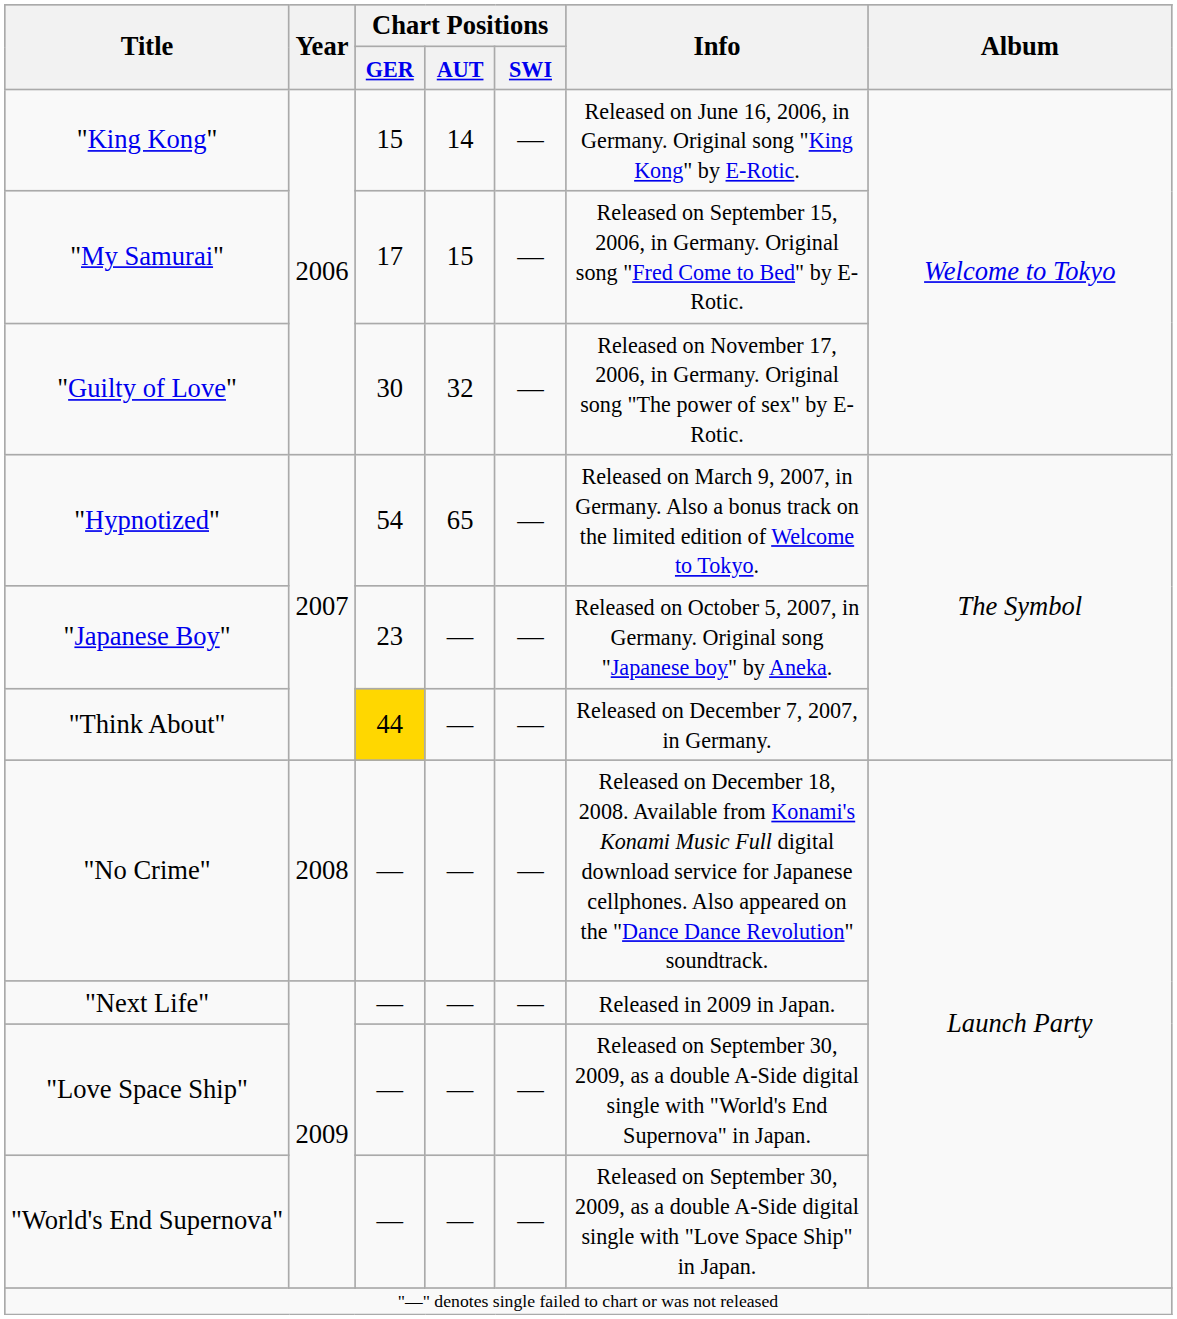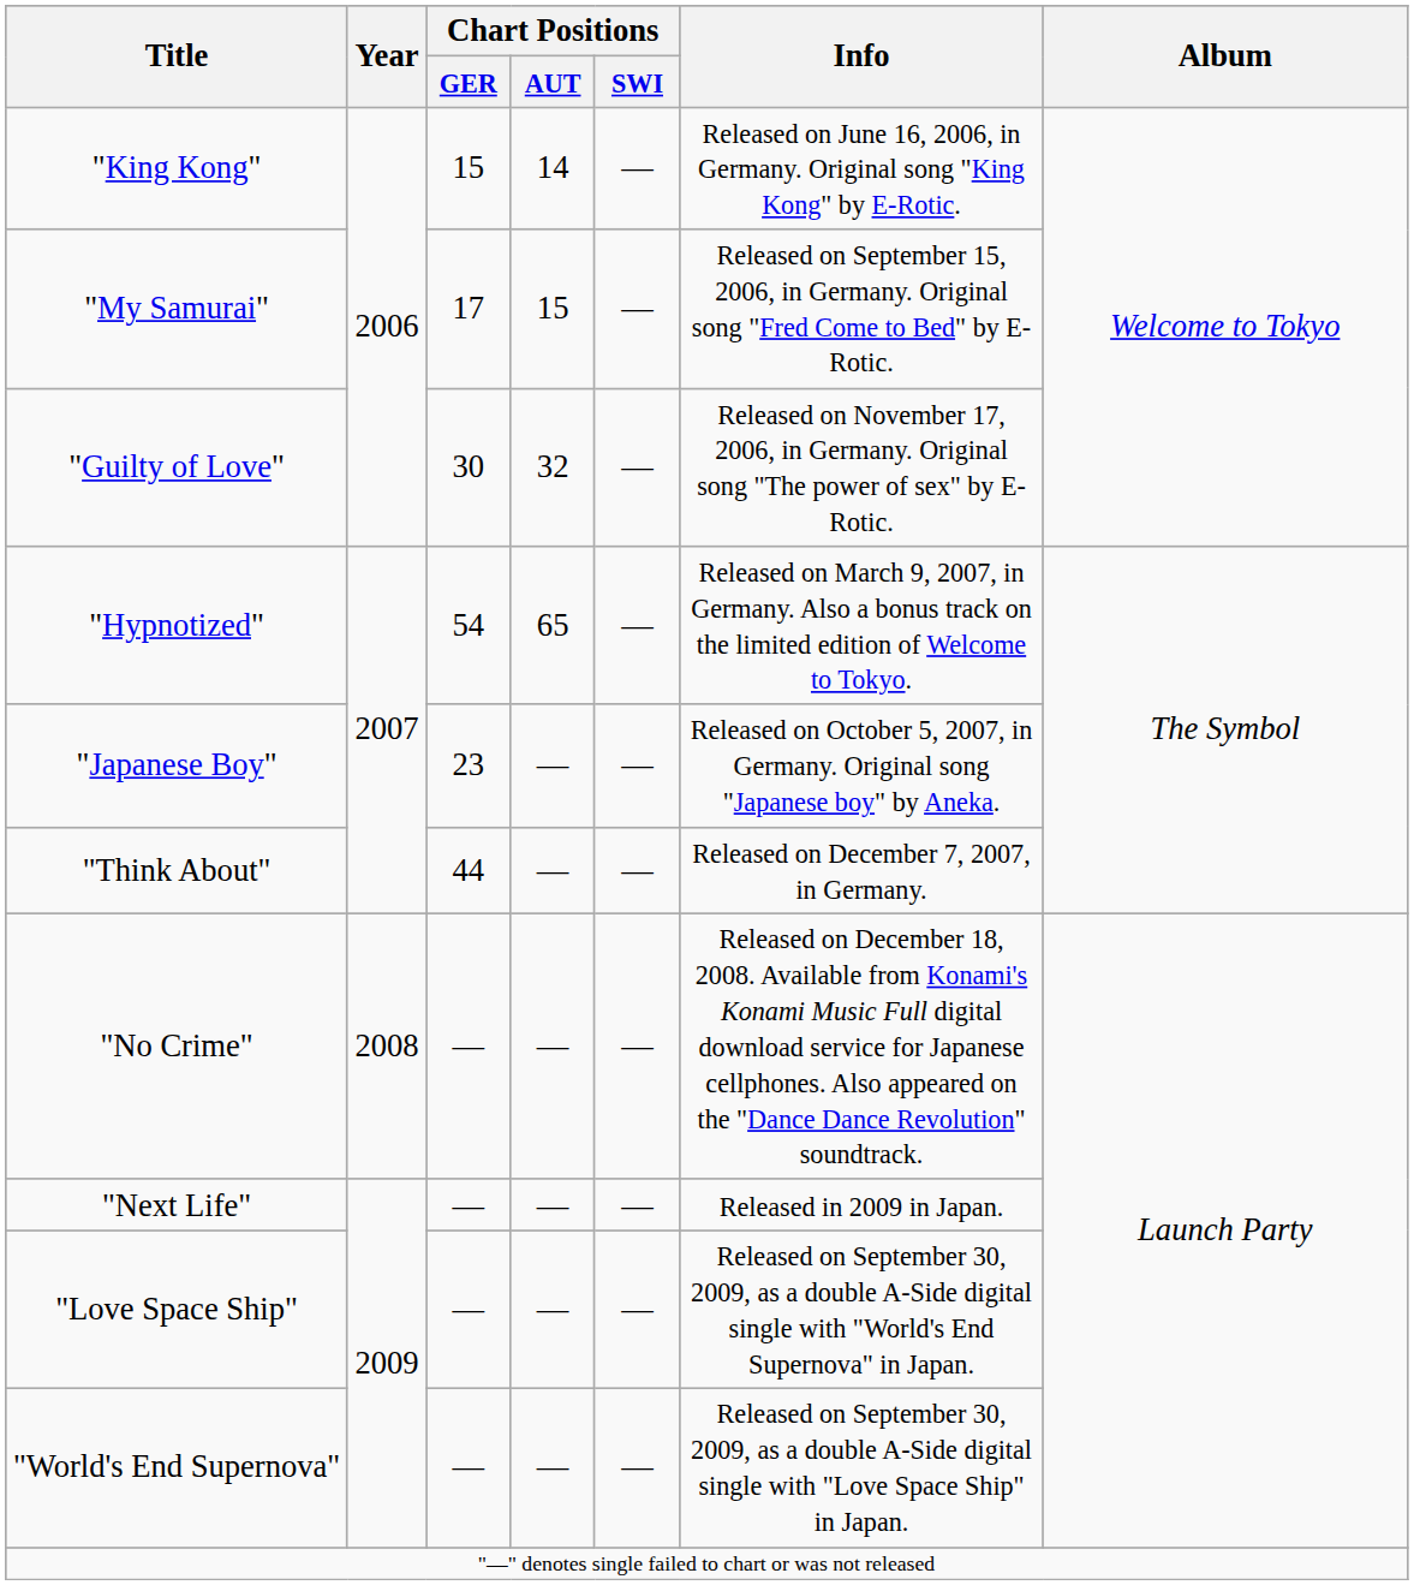 <table class="wikitable plainrowheaders" style="text-align:center;">
 <tr>
 <th rowspan="2">Title</th>
 <th rowspan="2">Year</th>
 <th colspan="3">Chart Positions</th>
 <th width="175" rowspan="2">Info</th>
 <th width="175" rowspan="2">Album</th>
 </tr>
 <tr>
 <th width="35"><small><a href='#'>GER</a><br></small></th>
 <th width="35"><small><a href='#'>AUT</a></small><br></th>
 <th width="35"><small><a href='#'>SWI</a><br></small></th>
 </tr>
 <tr>
 <td>"<a href='#'>King Kong</a>"</td>
 <td rowspan=3>2006</td>
 <td align="center">15</td>
 <td align="center">14</td>
 <td align="center">—</td>
 <td><small>Released on June 16, 2006, in Germany. Original song "<a href='#'>King Kong</a>" by <a href='#'>E-Rotic</a>.</small></td>
 <td rowspan=3><em><a href='#'>Welcome to Tokyo</a></em></td>
 </tr>
 <tr>
 <td>"<a href='#'>My Samurai</a>"</td>
 <td align="center">17</td>
 <td align="center">15</td>
 <td align="center">—</td>
 <td><small>Released on September 15, 2006, in Germany. Original song "<a href='#'>Fred Come to Bed</a>" by E-Rotic.</small></td>
 </tr>
 <tr>
 <td>"<a href='#'>Guilty of Love</a>"</td>
 <td align="center">30</td>
 <td align="center">32</td>
 <td align="center">—</td>
 <td><small>Released on November 17, 2006, in Germany. Original song "The power of sex" by E-Rotic.</small></td>
 </tr>
 <tr>
 <td>"<a href='#'>Hypnotized</a>"</td>
 <td rowspan=3>2007</td>
 <td align="center">54</td>
 <td align="center">65</td>
 <td align="center">—</td>
 <td><small>Released on March 9, 2007, in Germany. Also a bonus track on the limited edition of <a href='#'>Welcome to Tokyo</a>.</small></td>
 <td rowspan=3><em>The Symbol</em></td>
 </tr>
 <tr>
 <td>"<a href='#'>Japanese Boy</a>"</td>
 <td align="center">23</td>
 <td align="center">—</td>
 <td align="center">—</td>
 <td><small>Released on October 5, 2007, in Germany. Original song "<a href='#'>Japanese boy</a>" by <a href='#'>Aneka</a>.</small></td>
 </tr>
 <tr>
 <td>"Think About"</td>
-<td align="center" style="background: gold;">44</td>
+<td align="center">44</td>
 <td align="center">—</td>
 <td align="center">—</td>
 <td><small>Released on December 7, 2007, in Germany.</small></td>
 </tr>
 <tr>
 <td>"No Crime"</td>
 <td rowspan=1>2008</td>
 <td align="center">—</td>
 <td align="center">—</td>
 <td align="center">—</td>
 <td><small>Released on December 18, 2008. Available from <a href='#'>Konami's</a> <em>Konami Music Full</em> digital download service for Japanese cellphones. Also appeared on the "<a href='#'>Dance Dance Revolution</a>" soundtrack.</small></td>
 <td rowspan=4><em>Launch Party</em></td>
 </tr>
 <tr>
 <td>"Next Life"</td>
 <td rowspan=3>2009</td>
 <td align="center">—</td>
 <td align="center">—</td>
 <td align="center">—</td>
 <td><small>Released in 2009 in Japan.</small></td>
 </tr>
 <tr>
 <td>"Love Space Ship"</td>
 <td align="center">—</td>
 <td align="center">—</td>
 <td align="center">—</td>
 <td><small>Released on September 30, 2009, as a double A-Side digital single with "World's End Supernova" in Japan.</small></td>
 </tr>
 <tr>
 <td>"World's End Supernova"</td>
 <td align="center">—</td>
 <td align="center">—</td>
 <td align="center">—</td>
 <td><small>Released on September 30, 2009, as a double A-Side digital single with "Love Space Ship" in Japan.</small></td>
 </tr>
 <tr>
 <td colspan="30" style="font-size:8pt">"—" denotes single failed to chart or was not released</td>
 </tr>
 </table>
